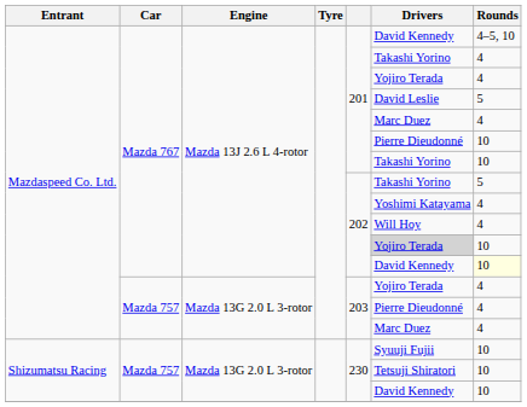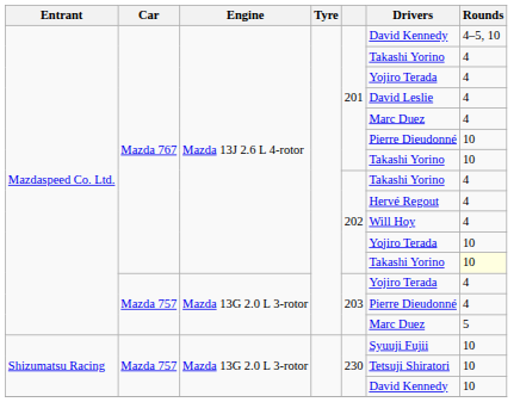 <table class="wikitable" style="font-size: 85%">
 <tr>
 <th>Entrant</th>
 <th>Car</th>
 <th>Engine</th>
 <th>Tyre</th>
 <th></th>
 <th>Drivers</th>
 <th>Rounds</th>
 </tr>
 <tr>
 <td rowspan=15> <a href='#'>Mazdaspeed Co. Ltd.</a></td>
 <td rowspan=12><a href='#'>Mazda 767</a></td>
 <td rowspan=12><a href='#'>Mazda</a> 13J 2.6 L 4-rotor</td>
 <td rowspan=15></td>
 <td rowspan=7>201</td>
 <td> <a href='#'>David Kennedy</a></td>
 <td>4–5, 10</td>
 </tr>
 <tr>
 <td> <a href='#'>Takashi Yorino</a></td>
 <td>4</td>
 </tr>
 <tr>
 <td> <a href='#'>Yojiro Terada</a></td>
 <td>4</td>
 </tr>
 <tr>
 <td> <a href='#'>David Leslie</a></td>
-<td>5</td>
+<td>4</td>
 </tr>
 <tr>
 <td> <a href='#'>Marc Duez</a></td>
 <td>4</td>
 </tr>
 <tr>
 <td> <a href='#'>Pierre Dieudonné</a></td>
 <td>10</td>
 </tr>
 <tr>
 <td> <a href='#'>Takashi Yorino</a></td>
 <td>10</td>
 </tr>
 <tr>
 <td rowspan=5>202</td>
 <td> <a href='#'>Takashi Yorino</a></td>
-<td>5</td>
+<td>4</td>
 </tr>
 <tr>
-<td> <a href='#'>Yoshimi Katayama</a></td>
+<td> <a href='#'>Hervé Regout</a></td>
 <td>4</td>
 </tr>
 <tr>
 <td> <a href='#'>Will Hoy</a></td>
 <td>4</td>
 </tr>
 <tr>
-<td style="background: lightgrey;"> <a href='#'>Yojiro Terada</a></td>
+<td> <a href='#'>Yojiro Terada</a></td>
 <td>10</td>
 </tr>
 <tr>
-<td> <a href='#'>David Kennedy</a></td>
+<td> <a href='#'>Takashi Yorino</a></td>
 <td style="background: lightyellow;">10</td>
 </tr>
 <tr>
 <td rowspan=3><a href='#'>Mazda 757</a></td>
 <td rowspan=3><a href='#'>Mazda</a> 13G 2.0 L 3-rotor</td>
 <td rowspan=3>203</td>
 <td> <a href='#'>Yojiro Terada</a></td>
 <td>4</td>
 </tr>
 <tr>
 <td> <a href='#'>Pierre Dieudonné</a></td>
 <td>4</td>
 </tr>
 <tr>
 <td> <a href='#'>Marc Duez</a></td>
-<td>4</td>
+<td>5</td>
 </tr>
 <tr>
 <td rowspan=3> <a href='#'>Shizumatsu Racing</a></td>
 <td rowspan=3><a href='#'>Mazda 757</a></td>
 <td rowspan=3><a href='#'>Mazda</a> 13G 2.0 L 3-rotor</td>
 <td rowspan=3></td>
 <td rowspan=3>230</td>
 <td> <a href='#'>Syuuji Fujii</a></td>
 <td>10</td>
 </tr>
 <tr>
 <td> <a href='#'>Tetsuji Shiratori</a></td>
 <td>10</td>
 </tr>
 <tr>
 <td> <a href='#'>David Kennedy</a></td>
 <td>10</td>
 </tr>
 <tr>
 </tr>
 </table>
